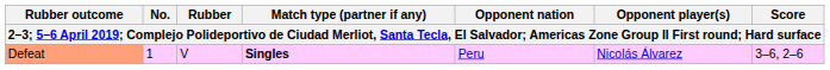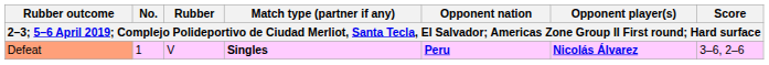 <table class=wikitable>
 <tr>
 <th>Rubber outcome</th>
 <th>No.</th>
 <th>Rubber</th>
 <th>Match type (partner if any)</th>
 <th>Opponent nation</th>
 <th>Opponent player(s)</th>
 <th>Score</th>
 </tr>
 <tr>
 <th colspan=7>2–3; <a href='#'>5–6 April 2019</a>; Complejo Polideportivo de Ciudad Merliot, <a href='#'>Santa Tecla</a>, El Salvador; Americas Zone Group II First round; Hard surface</th>
 </tr>
 <tr bgcolor=#FFCCFF>
 <td bgcolor=FFA07A>Defeat</td>
 <td>1</td>
 <td>V</td>
 <td><strong>Singles</strong></td>
-<td> <a href='#'>Peru</a></td>
-<td><a href='#'>Nicolás Álvarez</a></td>
+<td><strong> <a href='#'>Peru</a></strong></td>
+<td><strong><a href='#'>Nicolás Álvarez</a></strong></td>
 <td>3–6, 2–6</td>
 </tr>
 </table>
